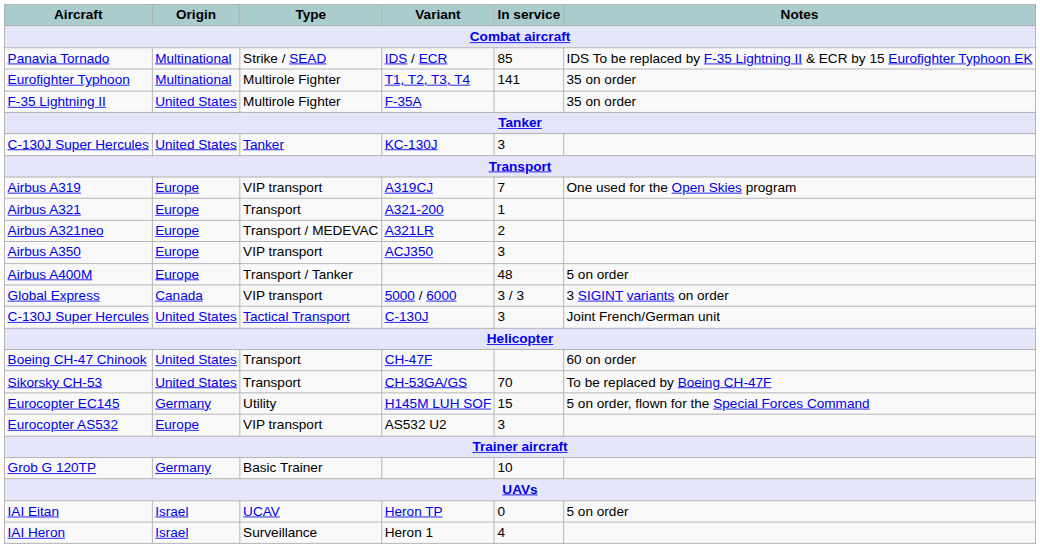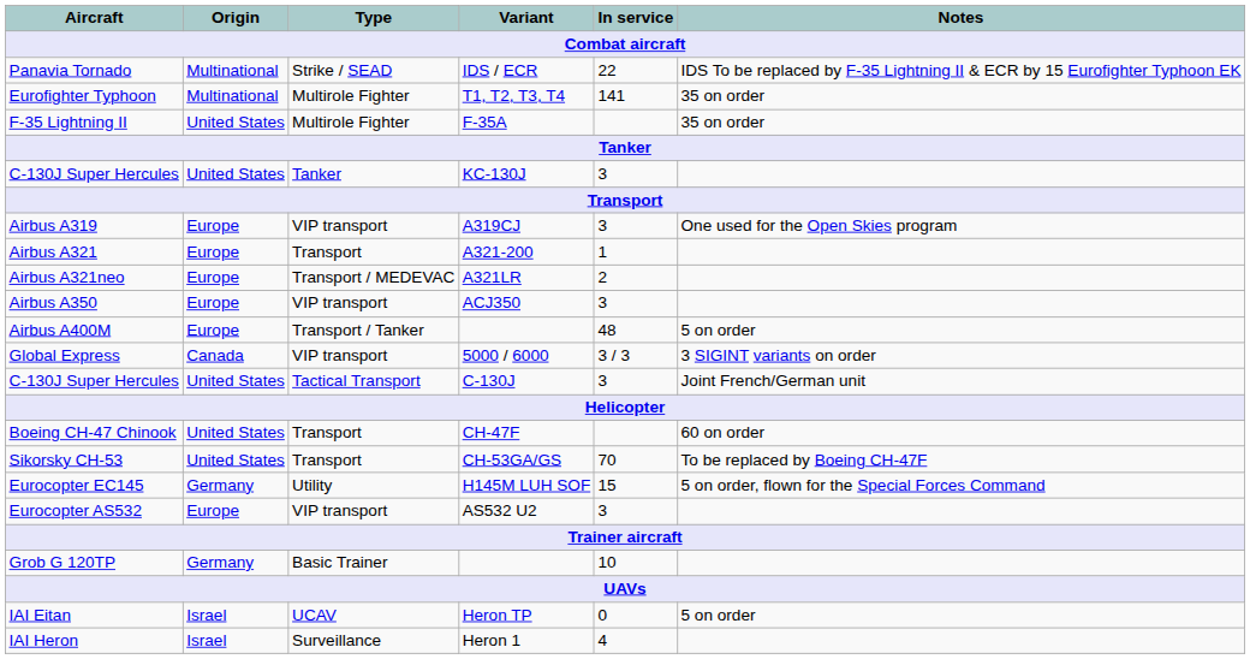 <table class="wikitable">
 <tr>
 <th style="text-align:center; background:#acc;">Aircraft</th>
 <th style="text-align: center; background:#acc;">Origin</th>
 <th style="text-align: center; background:#acc;">Type</th>
 <th style="text-align: center; background:#acc;">Variant</th>
 <th style="text-align: center; background:#acc;">In service</th>
 <th style="text-align: center; background:#acc;">Notes</th>
 </tr>
 <tr>
 <th style="align: center; background: lavender;" colspan="6"><a href='#'>Combat aircraft</a></th>
 </tr>
 <tr>
 <td><a href='#'>Panavia Tornado</a></td>
 <td><a href='#'>Multinational</a></td>
 <td>Strike / <a href='#'>SEAD</a></td>
 <td><a href='#'>IDS</a> / <a href='#'>ECR</a></td>
-<td>85 </td>
+<td>22 </td>
 <td>IDS To be replaced by <a href='#'>F-35 Lightning II</a> & ECR by 15 <a href='#'>Eurofighter Typhoon EK</a></td>
 </tr>
 <tr>
 <td><a href='#'>Eurofighter Typhoon</a></td>
 <td><a href='#'>Multinational</a></td>
 <td>Multirole Fighter</td>
 <td><a href='#'>T1, T2, T3, T4</a></td>
 <td>141 </td>
 <td>35 on order</td>
 </tr>
 <tr>
 <td><a href='#'>F-35 Lightning II</a></td>
 <td><a href='#'>United States</a></td>
 <td>Multirole Fighter</td>
 <td><a href='#'>F-35A</a></td>
 <td></td>
 <td>35 on order</td>
 </tr>
 <tr>
 <th style="align: center; background: lavender;" colspan="6"><a href='#'>Tanker</a></th>
 </tr>
 <tr>
 <td><a href='#'>C-130J Super Hercules</a></td>
 <td><a href='#'>United States</a></td>
 <td><a href='#'>Tanker</a></td>
 <td><a href='#'>KC-130J</a></td>
 <td>3</td>
 <td></td>
 </tr>
 <tr>
 <th style="align: center; background: lavender;" colspan="6"><a href='#'>Transport</a></th>
 </tr>
 <tr>
 <td><a href='#'>Airbus A319</a></td>
 <td><a href='#'>Europe</a></td>
 <td>VIP transport</td>
 <td><a href='#'>A319CJ</a></td>
-<td>7</td>
+<td>3</td>
 <td>One used for the <a href='#'>Open Skies</a> program</td>
 </tr>
 <tr>
 <td><a href='#'>Airbus A321</a></td>
 <td><a href='#'>Europe</a></td>
 <td>Transport</td>
 <td><a href='#'>A321-200</a></td>
 <td>1</td>
 <td></td>
 </tr>
 <tr>
 <td><a href='#'>Airbus A321neo</a></td>
 <td><a href='#'>Europe</a></td>
 <td>Transport / MEDEVAC</td>
 <td><a href='#'>A321LR</a></td>
 <td>2</td>
 <td></td>
 </tr>
 <tr>
 <td><a href='#'>Airbus A350</a></td>
 <td><a href='#'>Europe</a></td>
 <td>VIP transport</td>
 <td><a href='#'>ACJ350</a></td>
 <td>3</td>
 <td></td>
 </tr>
 <tr>
 <td><a href='#'>Airbus A400M</a></td>
 <td><a href='#'>Europe</a></td>
 <td>Transport / Tanker</td>
 <td></td>
 <td>48</td>
 <td>5 on order</td>
 </tr>
 <tr>
 <td><a href='#'>Global Express</a></td>
 <td><a href='#'>Canada</a></td>
 <td>VIP transport</td>
 <td><a href='#'>5000</a> / <a href='#'>6000</a></td>
 <td>3 / 3</td>
 <td>3 <a href='#'>SIGINT</a> <a href='#'>variants</a> on order</td>
 </tr>
 <tr>
 <td><a href='#'>C-130J Super Hercules</a></td>
 <td><a href='#'>United States</a></td>
 <td><a href='#'>Tactical Transport</a></td>
 <td><a href='#'>C-130J</a></td>
 <td>3</td>
 <td>Joint French/German unit</td>
 </tr>
 <tr>
 <th style="align: center; background: lavender;" colspan="6"><a href='#'>Helicopter</a></th>
 </tr>
 <tr>
 <td><a href='#'>Boeing CH-47 Chinook</a></td>
 <td><a href='#'>United States</a></td>
 <td>Transport</td>
 <td><a href='#'>CH-47F</a></td>
 <td></td>
 <td>60 on order</td>
 </tr>
 <tr>
 <td><a href='#'>Sikorsky CH-53</a></td>
 <td><a href='#'>United States</a></td>
 <td>Transport</td>
 <td><a href='#'>CH-53GA/GS</a></td>
 <td>70 </td>
 <td>To be replaced by <a href='#'>Boeing CH-47F</a></td>
 </tr>
 <tr>
 <td><a href='#'>Eurocopter EC145</a></td>
 <td><a href='#'>Germany</a></td>
 <td>Utility</td>
 <td><a href='#'>H145M LUH SOF</a></td>
 <td>15</td>
 <td>5 on order, flown for the <a href='#'>Special Forces Command</a></td>
 </tr>
 <tr>
 <td><a href='#'>Eurocopter AS532</a></td>
 <td><a href='#'>Europe</a></td>
 <td>VIP transport</td>
 <td>AS532 U2</td>
 <td>3</td>
 <td></td>
 </tr>
 <tr>
 <th style="align: center; background: lavender;" colspan="6"><a href='#'>Trainer aircraft</a></th>
 </tr>
 <tr>
 <td><a href='#'>Grob G 120TP</a></td>
 <td><a href='#'>Germany</a></td>
 <td>Basic Trainer</td>
 <td></td>
 <td>10</td>
 <td></td>
 </tr>
 <tr>
 <th ! style="align: center; background: lavender;" colspan="6"><a href='#'>UAVs</a></th>
 </tr>
 <tr>
 <td><a href='#'>IAI Eitan</a></td>
 <td><a href='#'>Israel</a></td>
 <td><a href='#'>UCAV</a></td>
 <td><a href='#'>Heron TP</a></td>
 <td>0</td>
 <td>5 on order</td>
 </tr>
 <tr>
 <td><a href='#'>IAI Heron</a></td>
 <td><a href='#'>Israel</a></td>
 <td>Surveillance</td>
 <td>Heron 1</td>
 <td>4</td>
 <td></td>
 </tr>
 </table>
